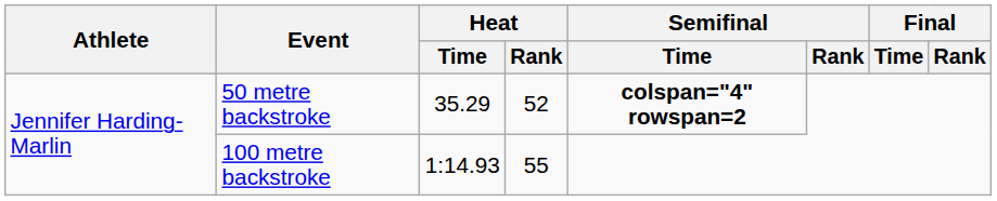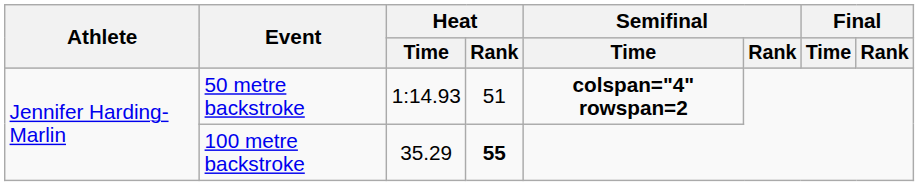 <table class="wikitable" style="text-align:center; font-size:90%; width:50%;">
 <tr>
 <th rowspan="2">Athlete</th>
 <th rowspan="2">Event</th>
 <th colspan="2">Heat</th>
 <th colspan="2">Semifinal</th>
 <th colspan="2">Final</th>
 </tr>
 <tr style="font-size:95%">
 <th>Time</th>
 <th>Rank</th>
 <th>Time</th>
 <th>Rank</th>
 <th>Time</th>
 <th>Rank</th>
 </tr>
 <tr>
 <td align=left rowspan=2><a href='#'>Jennifer Harding-Marlin</a></td>
 <td align=left><a href='#'>50 metre backstroke</a></td>
-<td>35.29</td>
-<td>52</td>
+<td>1:14.93</td>
+<td>51</td>
 <td><strong>colspan="4" rowspan=2 </strong></td>
 </tr>
 <tr>
 <td align=left><a href='#'>100 metre backstroke</a></td>
-<td>1:14.93</td>
-<td>55</td>
+<td>35.29</td>
+<td><strong>55</strong></td>
 </tr>
 </table>
